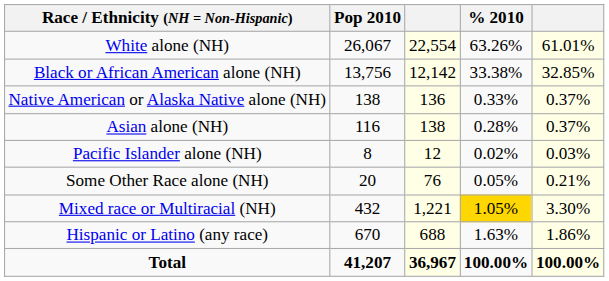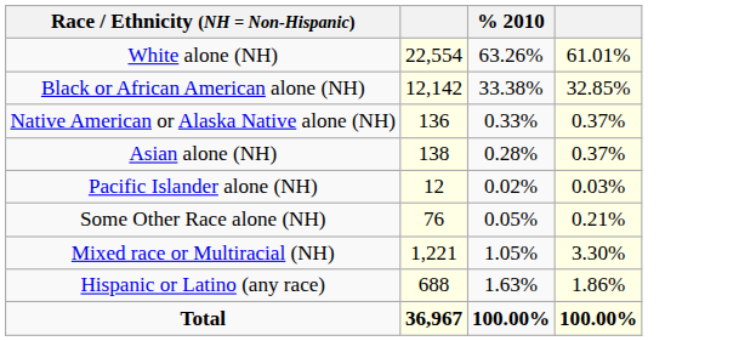 <table class="wikitable" style="text-align:center;">
 <tr>
 <th>Race / Ethnicity <small>(<em>NH = Non-Hispanic</em>)</small></th>
-<th>Pop 2010</th>
 <th></th>
 <th>% 2010</th>
 <th></th>
 </tr>
 <tr>
 <td><a href='#'>White</a> alone (NH)</td>
-<td>26,067</td>
 <td style='background: #ffffe6;'>22,554</td>
 <td>63.26%</td>
 <td style='background: #ffffe6;'>61.01%</td>
 </tr>
 <tr>
 <td><a href='#'>Black or African American</a> alone (NH)</td>
-<td>13,756</td>
 <td style='background: #ffffe6;'>12,142</td>
 <td>33.38%</td>
 <td style='background: #ffffe6;'>32.85%</td>
 </tr>
 <tr>
 <td><a href='#'>Native American</a> or <a href='#'>Alaska Native</a> alone (NH)</td>
-<td>138</td>
 <td style='background: #ffffe6;'>136</td>
 <td>0.33%</td>
 <td style='background: #ffffe6;'>0.37%</td>
 </tr>
 <tr>
 <td><a href='#'>Asian</a> alone (NH)</td>
-<td>116</td>
 <td style='background: #ffffe6;'>138</td>
 <td>0.28%</td>
 <td style='background: #ffffe6;'>0.37%</td>
 </tr>
 <tr>
 <td><a href='#'>Pacific Islander</a> alone (NH)</td>
-<td>8</td>
 <td style='background: #ffffe6;'>12</td>
 <td>0.02%</td>
 <td style='background: #ffffe6;'>0.03%</td>
 </tr>
 <tr>
 <td>Some Other Race alone (NH)</td>
-<td>20</td>
 <td style='background: #ffffe6;'>76</td>
 <td>0.05%</td>
 <td style='background: #ffffe6;'>0.21%</td>
 </tr>
 <tr>
 <td><a href='#'>Mixed race or Multiracial</a> (NH)</td>
-<td>432</td>
 <td style='background: #ffffe6;'>1,221</td>
-<td style="background: gold;">1.05%</td>
+<td>1.05%</td>
 <td style='background: #ffffe6;'>3.30%</td>
 </tr>
 <tr>
 <td><a href='#'>Hispanic or Latino</a> (any race)</td>
-<td>670</td>
 <td style='background: #ffffe6;'>688</td>
 <td>1.63%</td>
 <td style='background: #ffffe6;'>1.86%</td>
 </tr>
 <tr>
 <td><strong>Total</strong></td>
-<td><strong>41,207</strong></td>
 <td style='background: #ffffe6;'><strong>36,967</strong></td>
 <td><strong>100.00%</strong></td>
 <td style='background: #ffffe6;'><strong>100.00%</strong></td>
 </tr>
 </table>
